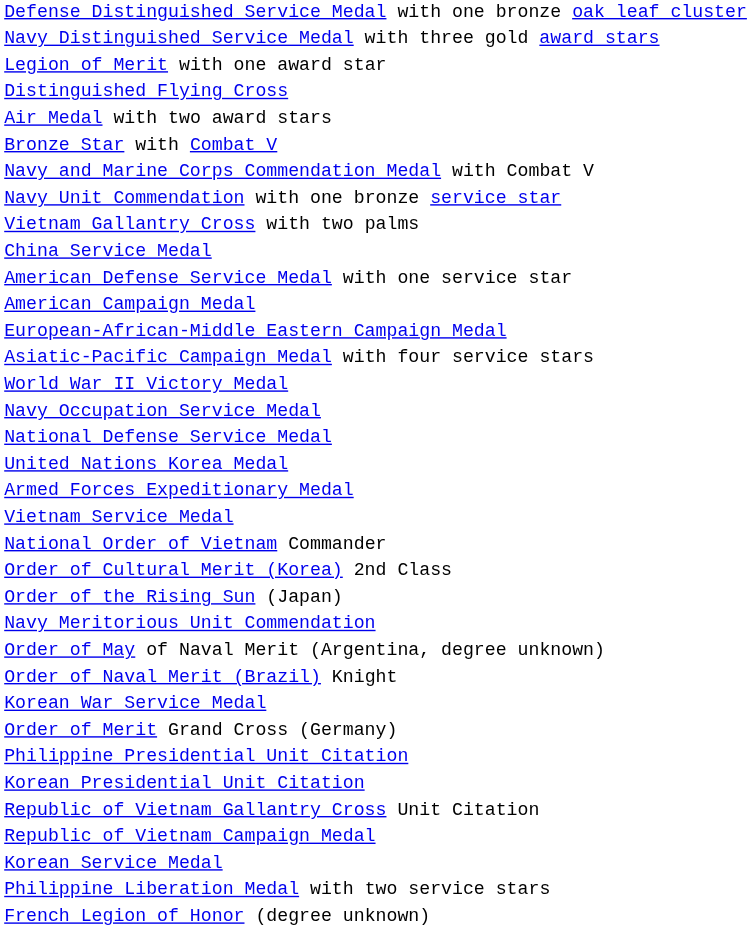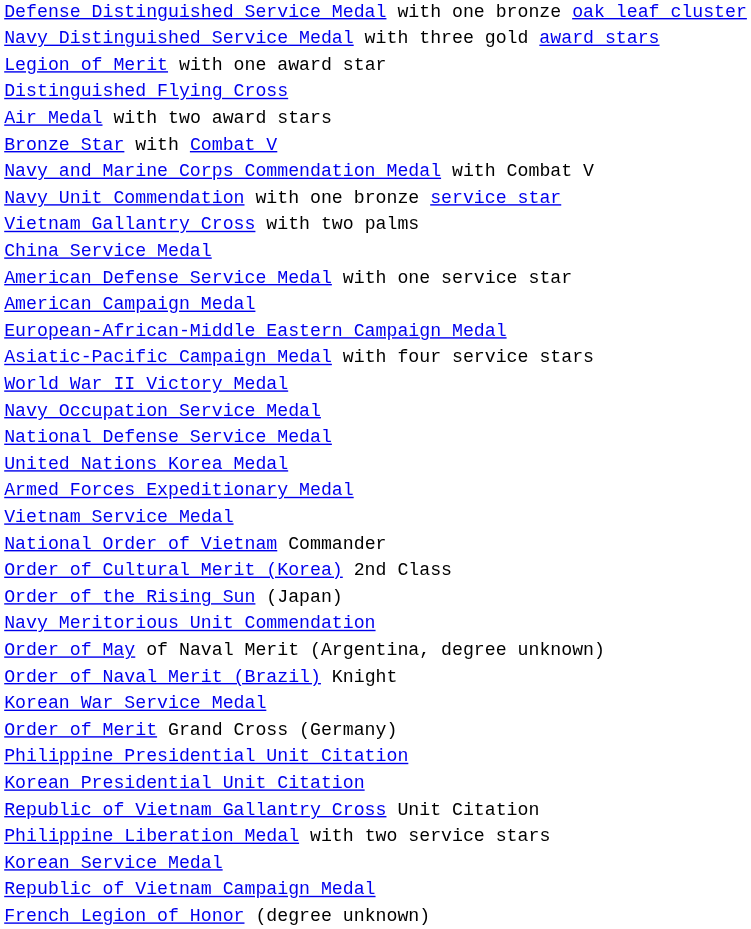 <table>
 <tr>
 <td><a href='#'>Defense Distinguished Service Medal</a> with one bronze <a href='#'>oak leaf cluster</a></td>
 </tr>
 <tr>
 <td><a href='#'>Navy Distinguished Service Medal</a> with three gold <a href='#'>award stars</a></td>
 </tr>
 <tr>
 <td><a href='#'>Legion of Merit</a> with one award star</td>
 </tr>
 <tr>
 <td><a href='#'>Distinguished Flying Cross</a></td>
 </tr>
 <tr>
 <td><a href='#'>Air Medal</a> with two award stars</td>
 </tr>
 <tr>
 <td><a href='#'>Bronze Star</a> with <a href='#'>Combat V</a></td>
 </tr>
 <tr>
 <td><a href='#'>Navy and Marine Corps Commendation Medal</a> with Combat V</td>
 </tr>
 <tr>
 <td><a href='#'>Navy Unit Commendation</a> with one bronze <a href='#'>service star</a></td>
 </tr>
 <tr>
 <td><a href='#'>Vietnam Gallantry Cross</a> with two palms</td>
 </tr>
 <tr>
 <td><a href='#'>China Service Medal</a></td>
 </tr>
 <tr>
 <td><a href='#'>American Defense Service Medal</a> with one service star</td>
 </tr>
 <tr>
 <td><a href='#'>American Campaign Medal</a></td>
 </tr>
 <tr>
 <td><a href='#'>European-African-Middle Eastern Campaign Medal</a></td>
 </tr>
 <tr>
 <td><a href='#'>Asiatic-Pacific Campaign Medal</a> with four service stars</td>
 </tr>
 <tr>
 <td><a href='#'>World War II Victory Medal</a></td>
 </tr>
 <tr>
 <td><a href='#'>Navy Occupation Service Medal</a></td>
 </tr>
 <tr>
 <td><a href='#'>National Defense Service Medal</a></td>
 </tr>
 <tr>
 <td><a href='#'>United Nations Korea Medal</a></td>
 </tr>
 <tr>
 <td><a href='#'>Armed Forces Expeditionary Medal</a></td>
 </tr>
 <tr>
 <td><a href='#'>Vietnam Service Medal</a></td>
 </tr>
 <tr>
 <td><a href='#'>National Order of Vietnam</a> Commander</td>
 </tr>
 <tr>
 <td><a href='#'>Order of Cultural Merit (Korea)</a> 2nd Class</td>
 </tr>
 <tr>
 <td><a href='#'>Order of the Rising Sun</a> (Japan)</td>
 </tr>
 <tr>
 <td><a href='#'>Navy Meritorious Unit Commendation</a></td>
 </tr>
 <tr>
 <td><a href='#'>Order of May</a> of Naval Merit (Argentina, degree unknown)</td>
 </tr>
 <tr>
 <td><a href='#'>Order of Naval Merit (Brazil)</a> Knight</td>
 </tr>
 <tr>
 <td><a href='#'>Korean War Service Medal</a></td>
 </tr>
 <tr>
 <td><a href='#'>Order of Merit</a> Grand Cross (Germany)</td>
 </tr>
 <tr>
 <td><a href='#'>Philippine Presidential Unit Citation</a></td>
 </tr>
 <tr>
 <td><a href='#'>Korean Presidential Unit Citation</a></td>
 </tr>
 <tr>
 <td><a href='#'>Republic of Vietnam Gallantry Cross</a> Unit Citation</td>
 </tr>
 <tr>
-<td><a href='#'>Republic of Vietnam Campaign Medal</a></td>
+<td><a href='#'>Philippine Liberation Medal</a> with two service stars</td>
 </tr>
 <tr>
 <td><a href='#'>Korean Service Medal</a></td>
 </tr>
 <tr>
-<td><a href='#'>Philippine Liberation Medal</a> with two service stars</td>
+<td><a href='#'>Republic of Vietnam Campaign Medal</a></td>
 </tr>
 <tr>
 <td><a href='#'>French Legion of Honor</a> (degree unknown)</td>
 </tr>
 <tr>
 </tr>
 </table>
